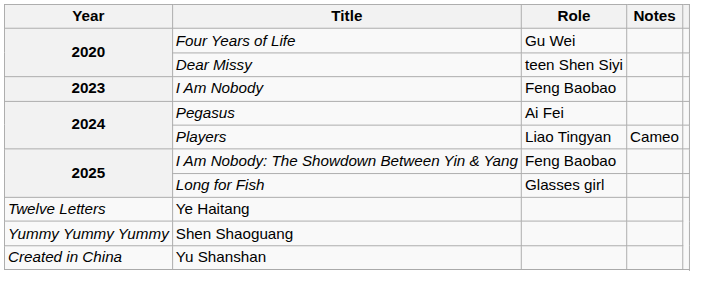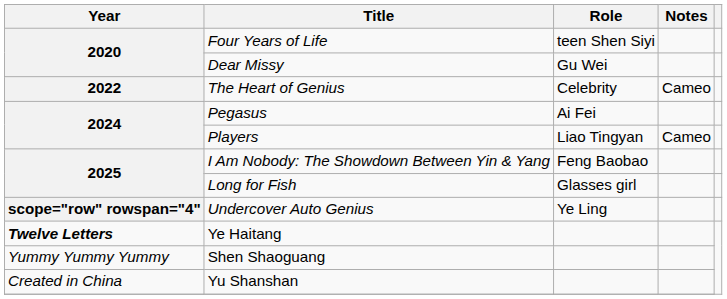 <table class="wikitable sortable plainrowheaders">
 <tr>
 <th scope="col">Year</th>
 <th scope="col">Title</th>
 <th scope="col">Role</th>
 <th scope="col">Notes</th>
 <th scope="col" class="unsortable"></th>
 </tr>
 <tr>
 <th scope="row" rowspan="2">2020</th>
 <td><em>Four Years of Life</em></td>
+<td>teen Shen Siyi</td>
+<td></td>
+<td></td>
+</tr>
+<tr>
+<td><em>Dear Missy</em></td>
 <td>Gu Wei</td>
 <td></td>
 <td></td>
 </tr>
 <tr>
-<td><em>Dear Missy</em></td>
-<td>teen Shen Siyi</td>
-<td></td>
-<td></td>
-</tr>
-<tr>
-<th scope="row">2023</th>
-<td><em>I Am Nobody</em></td>
-<td>Feng Baobao</td>
-<td></td>
+<th scope="row">2022</th>
+<td><em>The Heart of Genius</em></td>
+<td>Celebrity</td>
+<td>Cameo</td>
 <td></td>
 </tr>
 <tr>
 <th scope="row" rowspan="2">2024</th>
 <td><em>Pegasus</em></td>
 <td>Ai Fei</td>
 <td></td>
 <td></td>
 </tr>
 <tr>
 <td><em>Players</em></td>
 <td>Liao Tingyan</td>
 <td>Cameo</td>
 <td></td>
 </tr>
 <tr>
 <th scope="row" rowspan="2">2025</th>
 <td><em>I Am Nobody: The Showdown Between Yin & Yang</em></td>
 <td>Feng Baobao</td>
 <td></td>
 <td></td>
 </tr>
 <tr>
 <td><em>Long for Fish</em></td>
 <td>Glasses girl</td>
 <td></td>
 <td></td>
 </tr>
 <tr>
-<td><em>Twelve Letters</em></td>
+<th>scope="row" rowspan="4" </th>
+<td><em>Undercover Auto Genius</em></td>
+<td>Ye Ling</td>
+<td></td>
+<td></td>
+</tr>
+<tr>
+<td><strong><em>Twelve Letters</em></strong></td>
 <td>Ye Haitang</td>
 <td></td>
 <td></td>
 </tr>
 <tr>
 <td><em>Yummy Yummy Yummy</em></td>
 <td>Shen Shaoguang</td>
 <td></td>
 <td></td>
 </tr>
 <tr>
 <td><em>Created in China</em></td>
 <td>Yu Shanshan</td>
 <td></td>
 <td></td>
 </tr>
 <tr>
 </tr>
 </table>
